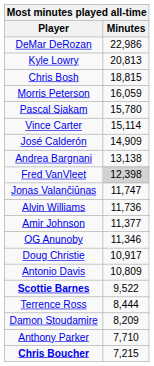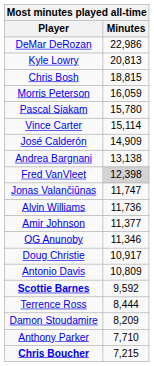 <table class="wikitable sortable" style="text-align:center">
 <tr>
 <th colspan="2">Most minutes played all-time</th>
 </tr>
 <tr>
 <th>Player</th>
 <th>Minutes</th>
 </tr>
 <tr>
 <td><a href='#'>DeMar DeRozan</a></td>
 <td>22,986</td>
 </tr>
 <tr>
 <td><a href='#'>Kyle Lowry</a></td>
 <td>20,813</td>
 </tr>
 <tr>
 <td><a href='#'>Chris Bosh</a></td>
 <td>18,815</td>
 </tr>
 <tr>
 <td><a href='#'>Morris Peterson</a></td>
 <td>16,059</td>
 </tr>
 <tr>
 <td><a href='#'>Pascal Siakam</a></td>
 <td>15,780</td>
 </tr>
 <tr>
 <td><a href='#'>Vince Carter</a></td>
 <td>15,114</td>
 </tr>
 <tr>
 <td><a href='#'>José Calderón</a></td>
 <td>14,909</td>
 </tr>
 <tr>
 <td><a href='#'>Andrea Bargnani</a></td>
 <td>13,138</td>
 </tr>
 <tr>
 <td><a href='#'>Fred VanVleet</a></td>
 <td style="background: lightgrey;">12,398</td>
 </tr>
 <tr>
 <td><a href='#'>Jonas Valančiūnas</a></td>
 <td>11,747</td>
 </tr>
 <tr>
 <td><a href='#'>Alvin Williams</a></td>
 <td>11,736</td>
 </tr>
 <tr>
 <td><a href='#'>Amir Johnson</a></td>
 <td>11,377</td>
 </tr>
 <tr>
 <td><a href='#'>OG Anunoby</a></td>
 <td>11,346</td>
 </tr>
 <tr>
 <td><a href='#'>Doug Christie</a></td>
 <td>10,917</td>
 </tr>
 <tr>
 <td><a href='#'>Antonio Davis</a></td>
 <td>10,809</td>
 </tr>
 <tr>
 <td><strong><a href='#'>Scottie Barnes</a></strong></td>
-<td>9,522</td>
+<td>9,592</td>
 </tr>
 <tr>
 <td><a href='#'>Terrence Ross</a></td>
 <td>8,444</td>
 </tr>
 <tr>
 <td><a href='#'>Damon Stoudamire</a></td>
 <td>8,209</td>
 </tr>
 <tr>
 <td><a href='#'>Anthony Parker</a></td>
 <td>7,710</td>
 </tr>
 <tr>
 <td><strong><a href='#'>Chris Boucher</a></strong></td>
 <td>7,215</td>
 </tr>
 </table>
